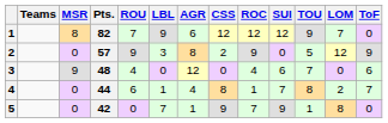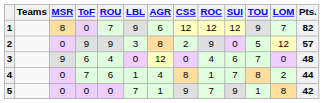 <table class="wikitable" style="font-size:77%; text-align:center">
 <tr>
 <th></th>
 <th>Teams</th>
 <th><a href='#'>MSR</a></th>
-<th>Pts.</th>
+<th><a href='#'>ToF</a></th>
 <th><a href='#'>ROU</a></th>
 <th><a href='#'>LBL</a></th>
 <th><a href='#'>AGR</a></th>
 <th><a href='#'>CSS</a></th>
 <th><a href='#'>ROC</a></th>
 <th><a href='#'>SUI</a></th>
 <th><a href='#'>TOU</a></th>
 <th><a href='#'>LOM</a></th>
-<th><a href='#'>ToF</a></th>
+<th>Pts.</th>
 </tr>
 <tr>
 <th>1</th>
 <td style="text-align:left;"></td>
 <td style="background:#ffdf9f;">8</td>
-<th>82</th>
+<td style="background:#EFCFFF;">0</td>
 <td style="background:#dfffdf;">7</td>
 <td style="background:#dfdfdf;">9</td>
 <td style="background:#dfffdf;">6</td>
 <td style="background:#FFFFBF;">12</td>
 <td style="background:#FFFFBF;">12</td>
 <td style="background:#FFFFBF;">12</td>
 <td style="background:#dfdfdf;">9</td>
 <td style="background:#dfffdf;">7</td>
-<td style="background:#EFCFFF;">0</td>
+<th>82</th>
 </tr>
 <tr>
 <th>2</th>
 <td style="text-align:left;"></td>
 <td style="background:#EFCFFF;">0</td>
-<th>57</th>
+<td style="background:#dfdfdf;">9</td>
 <td style="background:#dfdfdf;">9</td>
 <td style="background:#dfffdf;">3</td>
 <td style="background:#ffdf9f;">8</td>
 <td style="background:#dfffdf;">2</td>
 <td style="background:#dfdfdf;">9</td>
 <td style="background:#EFCFFF;">0</td>
 <td style="background:#dfffdf;">5</td>
 <td style="background:#FFFFBF;">12</td>
-<td style="background:#dfdfdf;">9</td>
+<th>57</th>
 </tr>
 <tr>
 <th>3</th>
 <td style="text-align:left;"></td>
 <td style="background:#dfdfdf;">9</td>
-<th>48</th>
+<td style="background:#dfffdf;">6</td>
 <td style="background:#dfffdf;">4</td>
 <td style="background:#EFCFFF;">0</td>
 <td style="background:#FFFFBF;">12</td>
 <td style="background:#EFCFFF;">0</td>
 <td style="background:#dfffdf;">4</td>
 <td style="background:#dfffdf;">6</td>
 <td style="background:#dfffdf;">7</td>
 <td style="background:#EFCFFF;">0</td>
-<td style="background:#dfffdf;">6</td>
+<th>48</th>
 </tr>
 <tr>
 <th>4</th>
 <td style="text-align:left;"></td>
 <td style="background:#EFCFFF;">0</td>
-<th>44</th>
+<td style="background:#dfffdf;">7</td>
 <td style="background:#dfffdf;">6</td>
 <td style="background:#dfffdf;">1</td>
 <td style="background:#dfffdf;">4</td>
 <td style="background:#ffdf9f;">8</td>
 <td style="background:#dfffdf;">1</td>
 <td style="background:#dfffdf;">7</td>
 <td style="background:#ffdf9f;">8</td>
 <td style="background:#dfffdf;">2</td>
-<td style="background:#dfffdf;">7</td>
+<th>44</th>
 </tr>
 <tr>
 <th>5</th>
 <td style="text-align:left;"></td>
 <td style="background:#EFCFFF;">0</td>
-<th>42</th>
+<td style="background:#EFCFFF;">0</td>
 <td style="background:#EFCFFF;">0</td>
 <td style="background:#dfffdf;">7</td>
 <td style="background:#dfffdf;">1</td>
 <td style="background:#dfdfdf;">9</td>
 <td style="background:#dfffdf;">7</td>
 <td style="background:#dfdfdf;">9</td>
 <td style="background:#dfffdf;">1</td>
 <td style="background:#ffdf9f;">8</td>
-<td style="background:#EFCFFF;">0</td>
+<th>42</th>
 </tr>
 </table>
